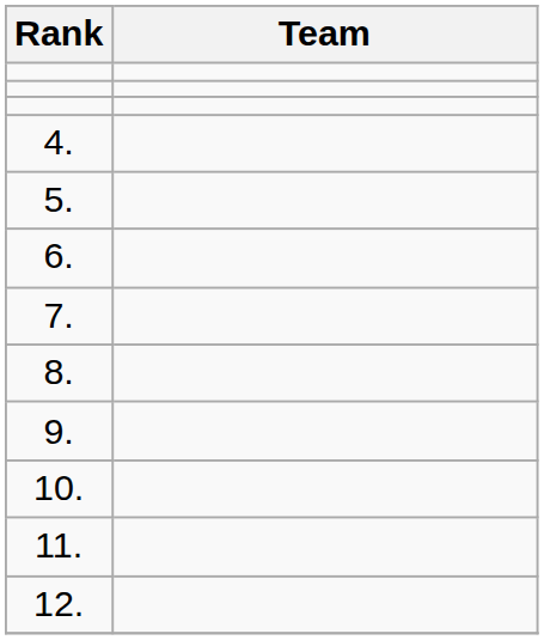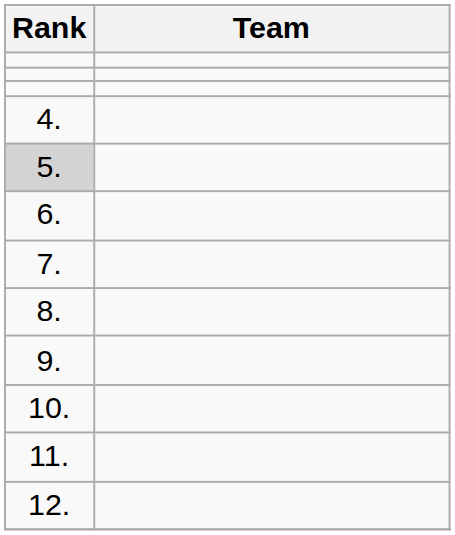 <table class=wikitable style="text-align:center;">
 <tr>
 <th>Rank</th>
 <th width=180>Team</th>
 </tr>
 <tr>
 <td align=center></td>
 <td align=left></td>
 </tr>
 <tr>
 <td align=center></td>
 <td align=left></td>
 </tr>
 <tr>
 <td align=center></td>
 <td align=left></td>
 </tr>
 <tr>
 <td align=center>4.</td>
 <td align=left></td>
 </tr>
 <tr>
-<td align=center>5.</td>
+<td align=center style="background: lightgrey;">5.</td>
 <td align=left></td>
 </tr>
 <tr>
 <td align=center>6.</td>
 <td align=left></td>
 </tr>
 <tr>
 <td align=center>7.</td>
 <td align=left></td>
 </tr>
 <tr>
 <td align=center>8.</td>
 <td align=left></td>
 </tr>
 <tr>
 <td align=center>9.</td>
 <td align=left></td>
 </tr>
 <tr>
 <td align=center>10.</td>
 <td align=left></td>
 </tr>
 <tr>
 <td align=center>11.</td>
 <td align=left></td>
 </tr>
 <tr>
 <td align=center>12.</td>
 <td align=left></td>
 </tr>
 <tr>
 </tr>
 </table>
